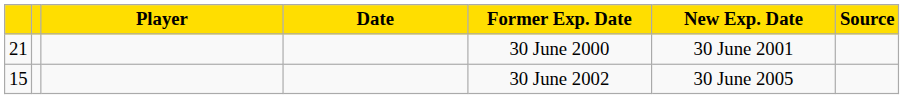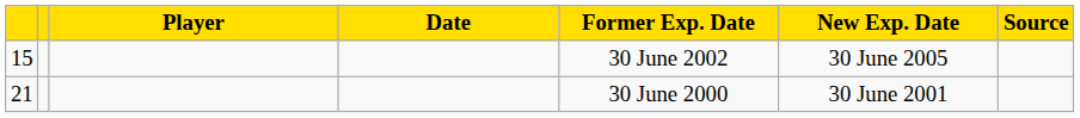 <table class="wikitable sortable">
 <tr>
 <th style="background:#FFDE00"></th>
 <th style="background:#FFDE00"></th>
 <th width=200 style="background:#FFDE00">Player</th>
 <th width=150 style="background:#FFDE00">Date</th>
 <th width=150 style="background:#FFDE00">Former Exp. Date</th>
 <th width=150 style="background:#FFDE00">New Exp. Date</th>
 <th style="background:#FFDE00">Source</th>
 </tr>
 <tr>
+<td align=center>15</td>
+<td align=center></td>
+<td></td>
+<td align=center></td>
+<td align=center>30 June 2002</td>
+<td align=center>30 June 2005</td>
+<td align=center></td>
+</tr>
+<tr>
 <td align=center>21</td>
 <td align=center></td>
 <td></td>
 <td align=center></td>
 <td align=center>30 June 2000</td>
 <td align=center>30 June 2001</td>
 <td align=center></td>
 </tr>
-<tr>
-<td align=center>15</td>
-<td align=center></td>
-<td></td>
-<td align=center></td>
-<td align=center>30 June 2002</td>
-<td align=center>30 June 2005</td>
-<td align=center></td>
-</tr>
 </table>
